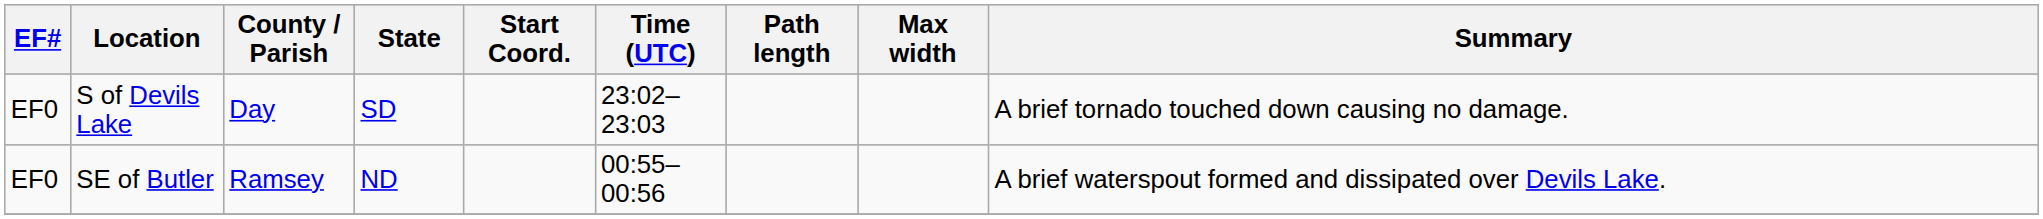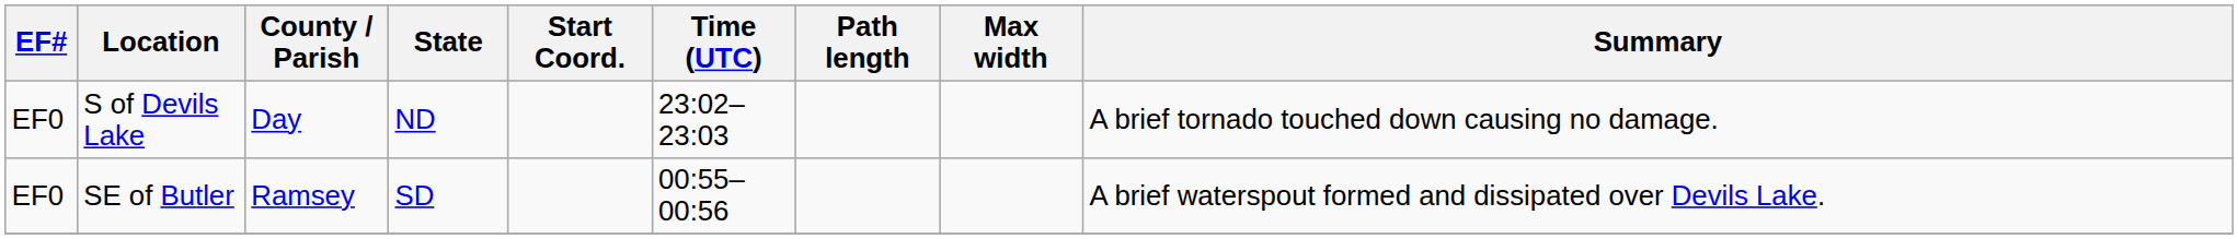 <table class="wikitable sortable" style="width:100%;">
 <tr>
 <th scope="col"  style="width:3%; text-align:center;"><a href='#'>EF#</a></th>
 <th scope="col"  style="width:7%; text-align:center;" class="unsortable">Location</th>
 <th scope="col"  style="width:6%; text-align:center;" class="unsortable">County / Parish</th>
 <th scope="col"  style="width:5%; text-align:center;">State</th>
 <th scope="col"  style="width:6%; text-align:center;">Start Coord.</th>
 <th scope="col"  style="width:6%; text-align:center;">Time (<a href='#'>UTC</a>)</th>
 <th scope="col"  style="width:6%; text-align:center;">Path length</th>
 <th scope="col"  style="width:6%; text-align:center;">Max width</th>
 <th scope="col" class="unsortable" style="width:48%; text-align:center;">Summary</th>
 </tr>
 <tr>
 <td>EF0</td>
 <td>S of <a href='#'>Devils Lake</a></td>
 <td><a href='#'>Day</a></td>
-<td><a href='#'>SD</a></td>
+<td><a href='#'>ND</a></td>
 <td></td>
 <td>23:02–23:03</td>
 <td></td>
 <td></td>
 <td>A brief tornado touched down causing no damage.</td>
 </tr>
 <tr>
 <td>EF0</td>
 <td>SE of <a href='#'>Butler</a></td>
 <td><a href='#'>Ramsey</a></td>
-<td><a href='#'>ND</a></td>
+<td><a href='#'>SD</a></td>
 <td></td>
 <td>00:55–00:56</td>
 <td></td>
 <td></td>
 <td>A brief waterspout formed and dissipated over <a href='#'>Devils Lake</a>.</td>
 </tr>
 <tr>
 </tr>
 </table>
